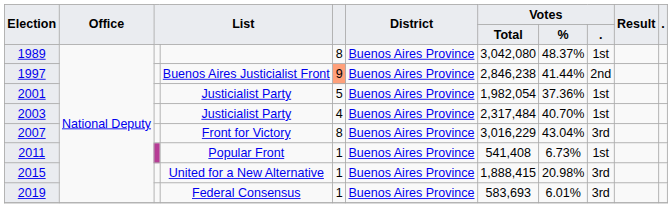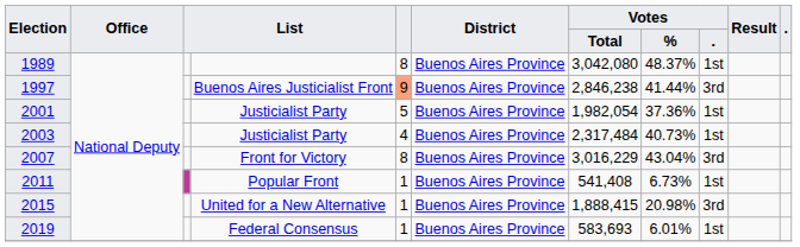 <table class="wikitable" style="font-size:90%; text-align:center;">
 <tr>
 <th style="background-color:#EAECF0;" rowspan=2>Election</th>
 <th style="background-color:#EAECF0;" rowspan=2>Office</th>
 <th style="background-color:#EAECF0;" colspan=2 rowspan=2>List</th>
 <th style="background-color:#EAECF0;" rowspan=2></th>
 <th style="background-color:#EAECF0;" rowspan=2>District</th>
 <th style="background-color:#EAECF0;" colspan=3>Votes</th>
 <th style="background-color:#EAECF0;" rowspan=2>Result</th>
 <th style="background-color:#EAECF0;" rowspan=2>.</th>
 </tr>
 <tr>
 <th style="background-color:#EAECF0;">Total</th>
 <th style="background-color:#EAECF0;">%</th>
 <th style="background-color:#EAECF0;">.</th>
 </tr>
 <tr>
 <td style="background-color:#EAECF0;"><a href='#'>1989</a></td>
 <td rowspan="8"><a href='#'>National Deputy</a></td>
 <td style="background-color:"></td>
 <td></td>
 <td>8</td>
 <td><a href='#'>Buenos Aires Province</a></td>
 <td>3,042,080</td>
 <td>48.37%</td>
 <td>1st</td>
 <td></td>
 <td></td>
 </tr>
 <tr>
 <td style="background-color:#EAECF0;"><a href='#'>1997</a></td>
 <td style="background-color:"></td>
 <td><a href='#'>Buenos Aires Justicialist Front</a></td>
 <td style="background: lightsalmon;">9</td>
 <td><a href='#'>Buenos Aires Province</a></td>
 <td>2,846,238</td>
 <td>41.44%</td>
-<td>2nd</td>
+<td>3rd</td>
 <td></td>
 <td></td>
 </tr>
 <tr>
 <td style="background-color:#EAECF0;"><a href='#'>2001</a></td>
 <td style="background-color:"></td>
 <td><a href='#'>Justicialist Party</a></td>
 <td>5</td>
 <td><a href='#'>Buenos Aires Province</a></td>
 <td>1,982,054</td>
 <td>37.36%</td>
 <td>1st</td>
 <td></td>
 <td></td>
 </tr>
 <tr>
 <td style="background-color:#EAECF0;"><a href='#'>2003</a></td>
 <td style="background-color:"></td>
 <td><a href='#'>Justicialist Party</a></td>
 <td>4</td>
 <td><a href='#'>Buenos Aires Province</a></td>
 <td>2,317,484</td>
-<td>40.70%</td>
+<td>40.73%</td>
 <td>1st</td>
 <td></td>
 <td></td>
 </tr>
 <tr>
 <td style="background-color:#EAECF0;"><a href='#'>2007</a></td>
 <td style="background-color:"></td>
 <td><a href='#'>Front for Victory</a></td>
 <td>8</td>
 <td><a href='#'>Buenos Aires Province</a></td>
 <td>3,016,229</td>
 <td>43.04%</td>
 <td>3rd</td>
 <td></td>
 <td></td>
 </tr>
 <tr>
 <td style="background-color:#EAECF0;"><a href='#'>2011</a></td>
 <td style="background-color:#b73c96;"></td>
 <td><a href='#'>Popular Front</a></td>
 <td>1</td>
 <td><a href='#'>Buenos Aires Province</a></td>
 <td>541,408</td>
 <td>6.73%</td>
 <td>1st</td>
 <td></td>
 <td></td>
 </tr>
 <tr>
 <td style="background-color:#EAECF0;"><a href='#'>2015</a></td>
 <td style="background-color:"></td>
 <td><a href='#'>United for a New Alternative</a></td>
 <td>1</td>
 <td><a href='#'>Buenos Aires Province</a></td>
 <td>1,888,415</td>
 <td>20.98%</td>
 <td>3rd</td>
 <td></td>
 <td></td>
 </tr>
 <tr>
 <td style="background-color:#EAECF0;"><a href='#'>2019</a></td>
 <td style="background-color:"></td>
 <td><a href='#'>Federal Consensus</a></td>
 <td>1</td>
 <td><a href='#'>Buenos Aires Province</a></td>
 <td>583,693</td>
 <td>6.01%</td>
-<td>3rd</td>
+<td>1st</td>
 <td></td>
 <td></td>
 </tr>
 <tr>
 </tr>
 </table>
